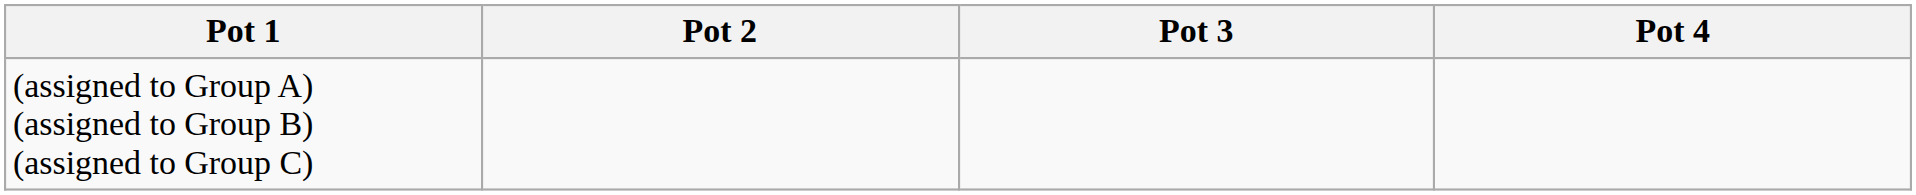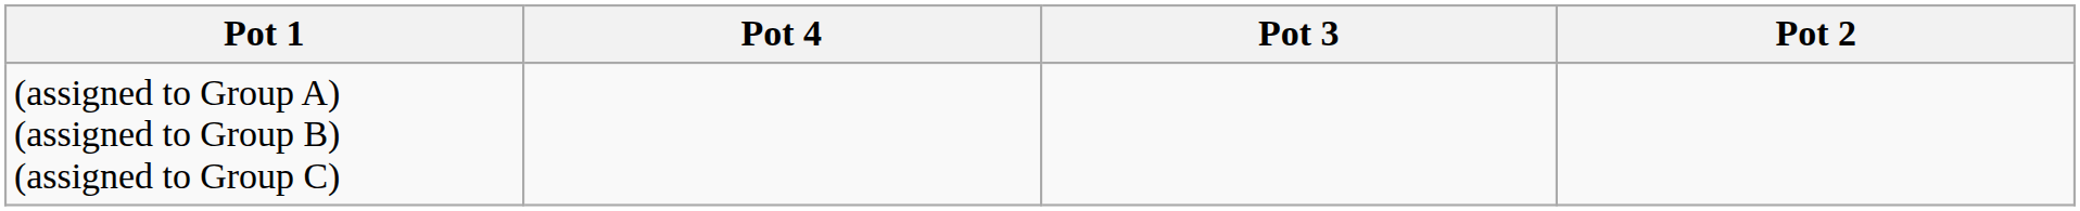 <table class="wikitable" style="width:900px">
 <tr>
 <th style="width:25%;">Pot 1</th>
+<th style="width:25%;">Pot 4</th>
+<th style="width:25%;">Pot 3</th>
 <th style="width:25%;">Pot 2</th>
-<th style="width:25%;">Pot 3</th>
-<th style="width:25%;">Pot 4</th>
 </tr>
 <tr>
 <td> (assigned to Group A) <br>  (assigned to Group B) <br>  (assigned to Group C)</td>
 <td> <br>  <br> </td>
 <td> <br>  <br> </td>
 <td> <br>  <br> </td>
 </tr>
 </table>
